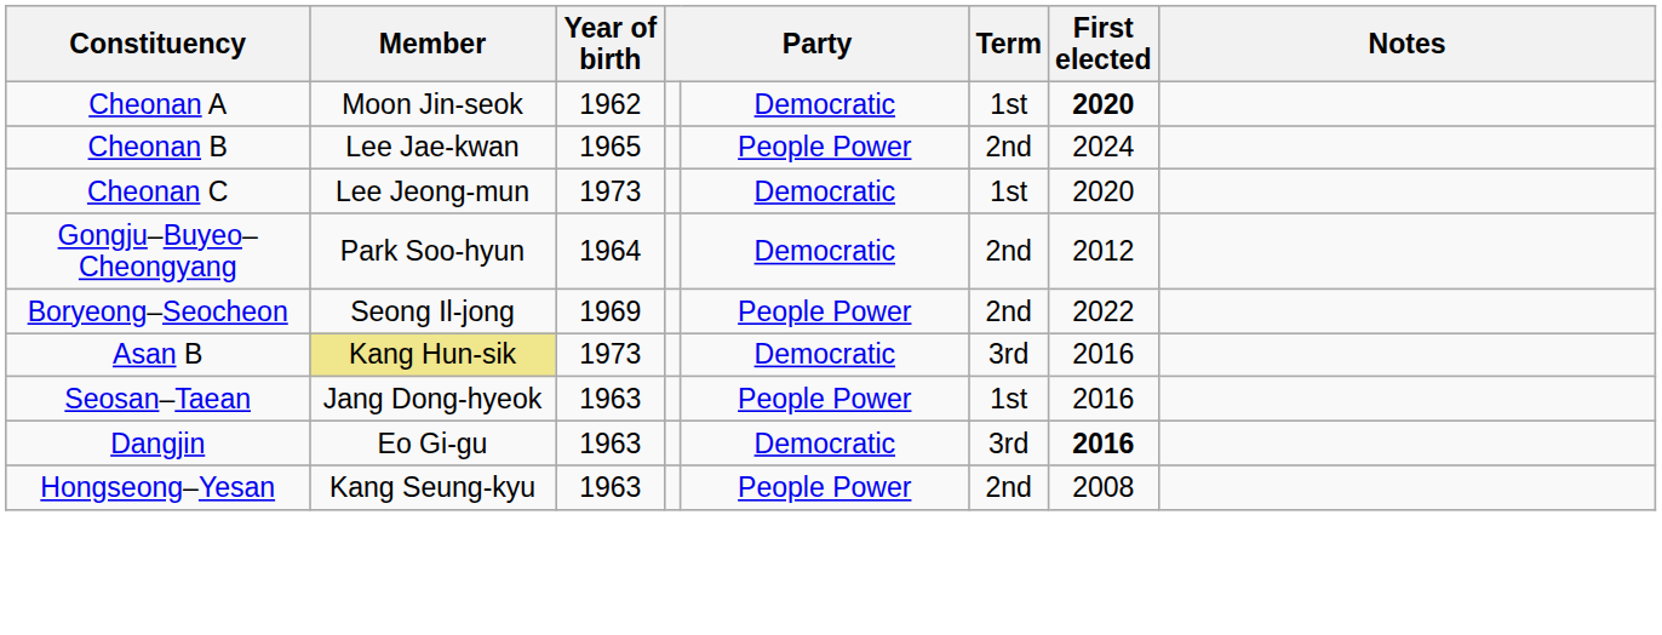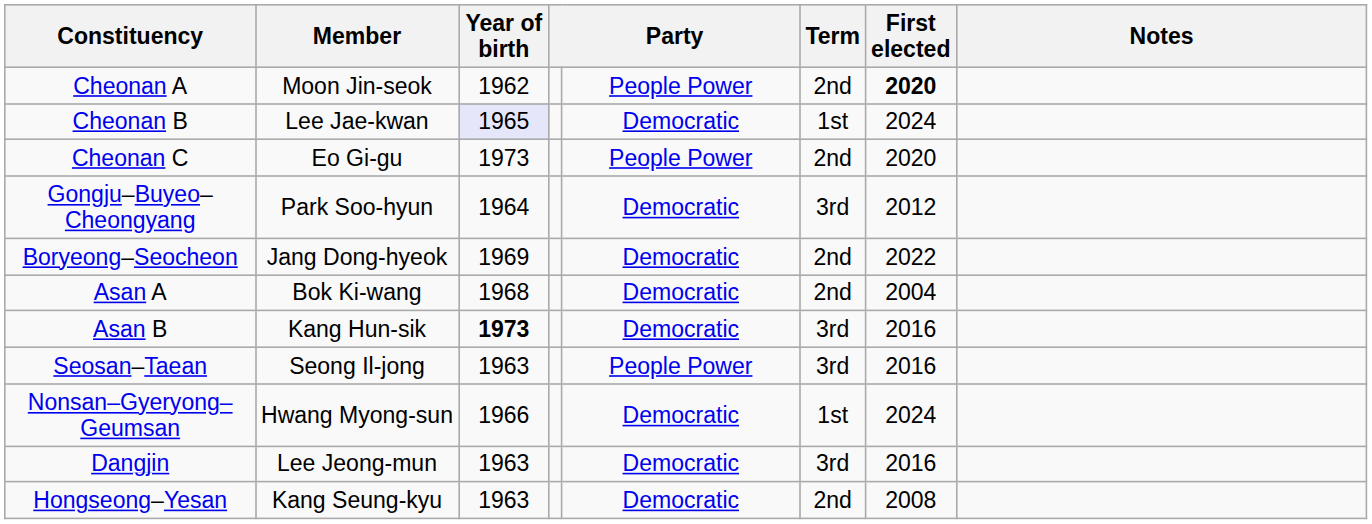 <table class="wikitable sortable" style="font-size:90%; text-align:center">
 <tr>
 <th scope="col" style="width:150px;">Constituency</th>
 <th scope="col" style="width:120px;">Member</th>
 <th scope="col" style="width:50px;">Year of birth</th>
 <th scope="col" style="width:150px;" colspan="2">Party</th>
 <th scope="col" style="width:20px;">Term</th>
 <th scope="col" style="width:50px;">First elected</th>
 <th scope="col" style="width:250px;" class="unsortable">Notes</th>
 </tr>
 <tr>
 <td><a href='#'>Cheonan</a> A</td>
 <td>Moon Jin-seok</td>
 <td>1962</td>
 <td scope="row" width="1" style="background-color:"></td>
-<td><a href='#'>Democratic</a></td>
-<td>1st</td>
+<td><a href='#'>People Power</a></td>
+<td>2nd</td>
 <td><strong>2020</strong></td>
 <td></td>
 </tr>
 <tr>
 <td><a href='#'>Cheonan</a> B</td>
 <td>Lee Jae-kwan</td>
-<td>1965</td>
+<td style="background: lavender;">1965</td>
 <td scope="row" style="background-color:"></td>
-<td><a href='#'>People Power</a></td>
-<td>2nd</td>
+<td><a href='#'>Democratic</a></td>
+<td>1st</td>
 <td>2024</td>
 <td></td>
 </tr>
 <tr>
 <td><a href='#'>Cheonan</a> C</td>
-<td>Lee Jeong-mun</td>
+<td>Eo Gi-gu</td>
 <td>1973</td>
 <td scope="row" style="background-color:"></td>
-<td><a href='#'>Democratic</a></td>
-<td>1st</td>
+<td><a href='#'>People Power</a></td>
+<td>2nd</td>
 <td>2020</td>
 <td></td>
 </tr>
 <tr>
 <td><a href='#'>Gongju</a>–<a href='#'>Buyeo</a>–<a href='#'>Cheongyang</a></td>
 <td>Park Soo-hyun</td>
 <td>1964</td>
 <td scope="row" style="background-color:"></td>
 <td><a href='#'>Democratic</a></td>
-<td>2nd</td>
+<td>3rd</td>
 <td>2012</td>
 <td></td>
 </tr>
 <tr>
 <td><a href='#'>Boryeong</a>–<a href='#'>Seocheon</a></td>
-<td>Seong Il-jong</td>
+<td>Jang Dong-hyeok</td>
 <td>1969</td>
 <td scope="row" style="background-color:"></td>
-<td><a href='#'>People Power</a></td>
+<td><a href='#'>Democratic</a></td>
 <td>2nd</td>
 <td>2022</td>
 <td></td>
 </tr>
 <tr>
+<td><a href='#'>Asan</a> A</td>
+<td>Bok Ki-wang</td>
+<td>1968</td>
+<td scope="row" style="background-color:"></td>
+<td><a href='#'>Democratic</a></td>
+<td>2nd</td>
+<td>2004</td>
+<td></td>
+</tr>
+<tr>
 <td><a href='#'>Asan</a> B</td>
-<td style="background: khaki;">Kang Hun-sik</td>
-<td>1973</td>
+<td>Kang Hun-sik</td>
+<td><strong>1973</strong></td>
 <td scope="row" style="background-color:"></td>
 <td><a href='#'>Democratic</a></td>
 <td>3rd</td>
 <td>2016</td>
 </tr>
 <tr>
 <td><a href='#'>Seosan</a>–<a href='#'>Taean</a></td>
-<td>Jang Dong-hyeok</td>
+<td>Seong Il-jong</td>
 <td>1963</td>
 <td scope="row" style="background-color:"></td>
 <td><a href='#'>People Power</a></td>
-<td>1st</td>
+<td>3rd</td>
 <td>2016</td>
 <td></td>
 </tr>
 <tr>
+<td><a href='#'>Nonsan–Gyeryong–Geumsan</a></td>
+<td>Hwang Myong-sun</td>
+<td>1966</td>
+<td scope="row" style="background-color:"></td>
+<td><a href='#'>Democratic</a></td>
+<td>1st</td>
+<td>2024</td>
+<td></td>
+</tr>
+<tr>
 <td><a href='#'>Dangjin</a></td>
-<td>Eo Gi-gu</td>
+<td>Lee Jeong-mun</td>
 <td>1963</td>
 <td scope="row" style="background-color:"></td>
 <td><a href='#'>Democratic</a></td>
 <td>3rd</td>
-<td><strong>2016</strong></td>
+<td>2016</td>
 <td></td>
 </tr>
 <tr>
 <td><a href='#'>Hongseong</a>–<a href='#'>Yesan</a></td>
 <td>Kang Seung-kyu</td>
 <td>1963</td>
 <td scope="row" style="background-color:"></td>
-<td><a href='#'>People Power</a></td>
+<td><a href='#'>Democratic</a></td>
 <td>2nd</td>
 <td>2008</td>
 <td></td>
 </tr>
 </table>
